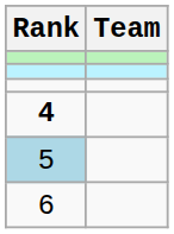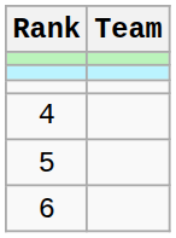 <table class="wikitable">
 <tr>
 <th>Rank</th>
 <th>Team</th>
 </tr>
 <tr bgcolor=bbf3bb>
 <td align=center></td>
 <td></td>
 </tr>
 <tr bgcolor=bbf3ff>
 <td align=center></td>
 <td></td>
 </tr>
 <tr>
 <td align=center></td>
 <td></td>
 </tr>
 <tr>
-<td align=center><strong>4</strong></td>
+<td align=center>4</td>
 <td></td>
 </tr>
 <tr>
-<td align=center style="background: lightblue;">5</td>
+<td align=center>5</td>
 <td></td>
 </tr>
 <tr>
 <td align=center>6</td>
 <td></td>
 </tr>
 </table>
